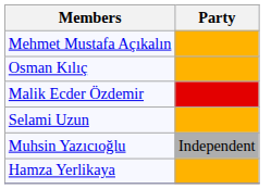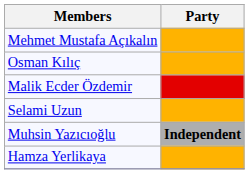 <table class=wikitable style="border:1px solid #8888aa; background-color:#f7f8ff; padding:0px; font-size:90%;">
 <tr>
 <th>Members</th>
 <th colspan="2">Party</th>
 </tr>
 <tr>
 <td><a href='#'>Mehmet Mustafa Açıkalın</a></td>
 <td style="background: #ffb300"></td>
 </tr>
 <tr>
 <td><a href='#'>Osman Kılıç</a></td>
 <td style="background: #ffb300"></td>
 </tr>
 <tr>
 <td><a href='#'>Malik Ecder Özdemir</a></td>
 <td style="background: #e30000"></td>
 </tr>
 <tr>
 <td><a href='#'>Selami Uzun</a></td>
 <td style="background: #ffb300"></td>
 </tr>
 <tr>
 <td><a href='#'>Muhsin Yazıcıoğlu</a></td>
-<td style="background: #AEAEAE">Independent</td>
+<td style="background: #AEAEAE"><strong>Independent</strong></td>
 </tr>
 <tr>
 <td><a href='#'>Hamza Yerlikaya</a></td>
 <td style="background: #ffb300"></td>
 </tr>
 <tr>
 </tr>
 </table>
